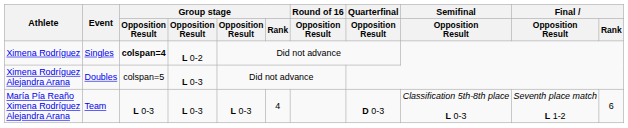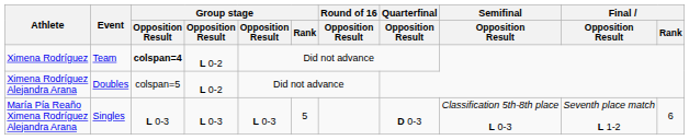 <table class=wikitable style=font-size:90%;text-align:center>
 <tr>
 <th rowspan=2>Athlete</th>
 <th rowspan=2>Event</th>
 <th colspan=4>Group stage</th>
 <th>Round of 16</th>
 <th>Quarterfinal</th>
 <th>Semifinal</th>
 <th colspan=2>Final / </th>
 </tr>
 <tr style=font-size:95%>
 <th>Opposition<br>Result</th>
 <th>Opposition<br>Result</th>
 <th>Opposition<br>Result</th>
 <th>Rank</th>
 <th>Opposition<br>Result</th>
 <th>Opposition<br>Result</th>
 <th>Opposition<br>Result</th>
 <th>Opposition<br>Result</th>
 <th>Rank</th>
 </tr>
 <tr>
 <td align=left><a href='#'>Ximena Rodríguez</a></td>
-<td align=left><a href='#'>Singles</a></td>
+<td align=left><a href='#'>Team</a></td>
 <td><strong>colspan=4 </strong></td>
 <td><br><strong>L</strong> 0-2</td>
 <td colspan=4>Did not advance</td>
 </tr>
 <tr>
 <td align=left><a href='#'>Ximena Rodríguez</a><br><a href='#'>Alejandra Arana</a></td>
 <td align=left><a href='#'>Doubles</a></td>
 <td>colspan=5 </td>
-<td><br><strong>L</strong> 0-3</td>
+<td><br><strong>L</strong> 0-2</td>
 <td colspan=3>Did not advance</td>
 </tr>
 <tr>
 <td align=left><a href='#'>María Pía Reaño</a><br><a href='#'>Ximena Rodríguez</a><br><a href='#'>Alejandra Arana</a></td>
-<td align=left><a href='#'>Team</a></td>
+<td align=left><a href='#'>Singles</a></td>
 <td><br><strong>L</strong> 0-3</td>
 <td><br><strong>L</strong> 0-3</td>
 <td><br><strong>L</strong> 0-3</td>
-<td>4</td>
+<td>5</td>
 <td></td>
 <td><br><strong>D</strong> 0-3</td>
 <td><em>Classification 5th-8th place</em><br><br><strong>L</strong> 0-3</td>
 <td><em>Seventh place match</em><br><br><strong>L</strong> 1-2</td>
 <td>6</td>
 </tr>
 </table>
